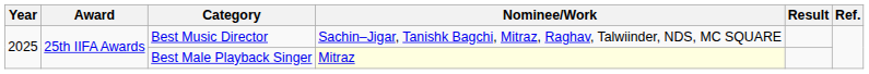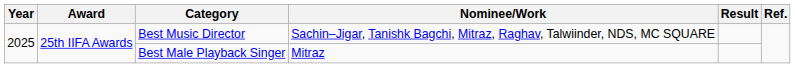 <table class="wikitable">
 <tr>
 <th>Year</th>
 <th>Award</th>
 <th>Category</th>
 <th>Nominee/Work</th>
 <th>Result</th>
 <th>Ref.</th>
 </tr>
 <tr>
 <td rowspan="2">2025</td>
 <td rowspan="2"><a href='#'>25th IIFA Awards</a></td>
 <td><a href='#'>Best Music Director</a></td>
 <td><a href='#'>Sachin–Jigar</a>, <a href='#'>Tanishk Bagchi</a>, <a href='#'>Mitraz</a>, <a href='#'>Raghav</a>, Talwiinder, NDS, MC SQUARE</td>
 <td></td>
 <td rowspan="2"></td>
 </tr>
 <tr>
 <td><a href='#'>Best Male Playback Singer</a></td>
-<td style="background: lightyellow;"><a href='#'>Mitraz</a> </td>
+<td><a href='#'>Mitraz</a> </td>
 <td></td>
 </tr>
 </table>
